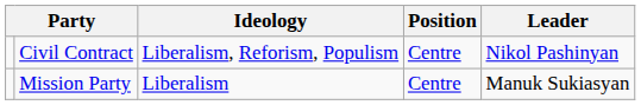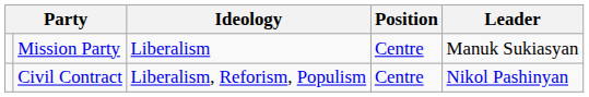 <table class="wikitable" style="text-align:left">
 <tr>
 <th colspan="2">Party</th>
 <th>Ideology</th>
 <th>Position</th>
 <th>Leader</th>
 </tr>
 <tr>
 <td></td>
+<td><a href='#'>Mission Party</a></td>
+<td><a href='#'>Liberalism</a></td>
+<td><a href='#'>Centre</a></td>
+<td>Manuk Sukiasyan</td>
+</tr>
+<tr>
+<td></td>
 <td><a href='#'>Civil Contract</a></td>
 <td><a href='#'>Liberalism</a>, <a href='#'>Reforism</a>, <a href='#'>Populism</a></td>
 <td><a href='#'>Centre</a></td>
 <td><a href='#'>Nikol Pashinyan</a></td>
 </tr>
-<tr>
-<td></td>
-<td><a href='#'>Mission Party</a></td>
-<td><a href='#'>Liberalism</a></td>
-<td><a href='#'>Centre</a></td>
-<td>Manuk Sukiasyan</td>
-</tr>
 </table>
